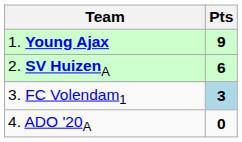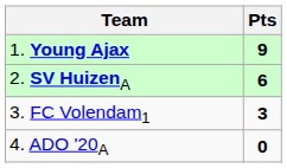 <table class="wikitable" style="text-align:center; float:left; margin-right:1em">
 <tr>
 <th style="width:200px">Team</th>
 <th width=20>Pts</th>
 </tr>
 <tr bgcolor=ccffcc>
 <td align=left>1. <strong><a href='#'>Young Ajax</a></strong></td>
 <td><strong>9</strong></td>
 </tr>
 <tr bgcolor=ccffcc>
 <td align=left>2. <strong><a href='#'>SV Huizen</a></strong><sub>A</sub></td>
 <td><strong>6</strong></td>
 </tr>
 <tr>
 <td align=left>3. <a href='#'>FC Volendam</a><sub>1</sub></td>
-<td style="background: lightblue;"><strong>3</strong></td>
+<td><strong>3</strong></td>
 </tr>
 <tr>
 <td align=left>4. <a href='#'>ADO '20</a><sub>A</sub></td>
 <td><strong>0</strong></td>
 </tr>
 </table>
